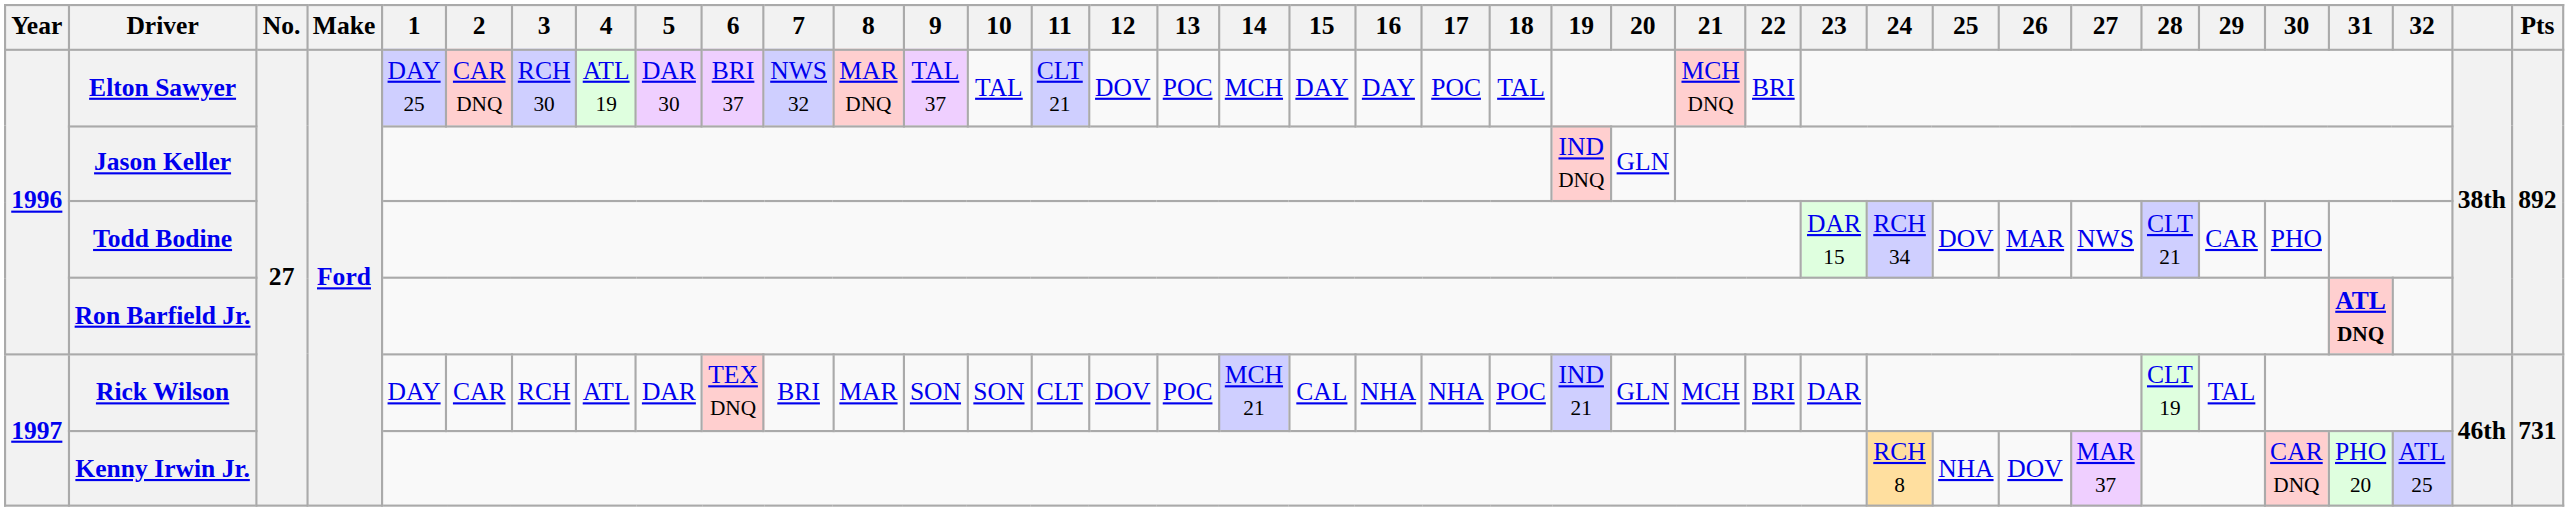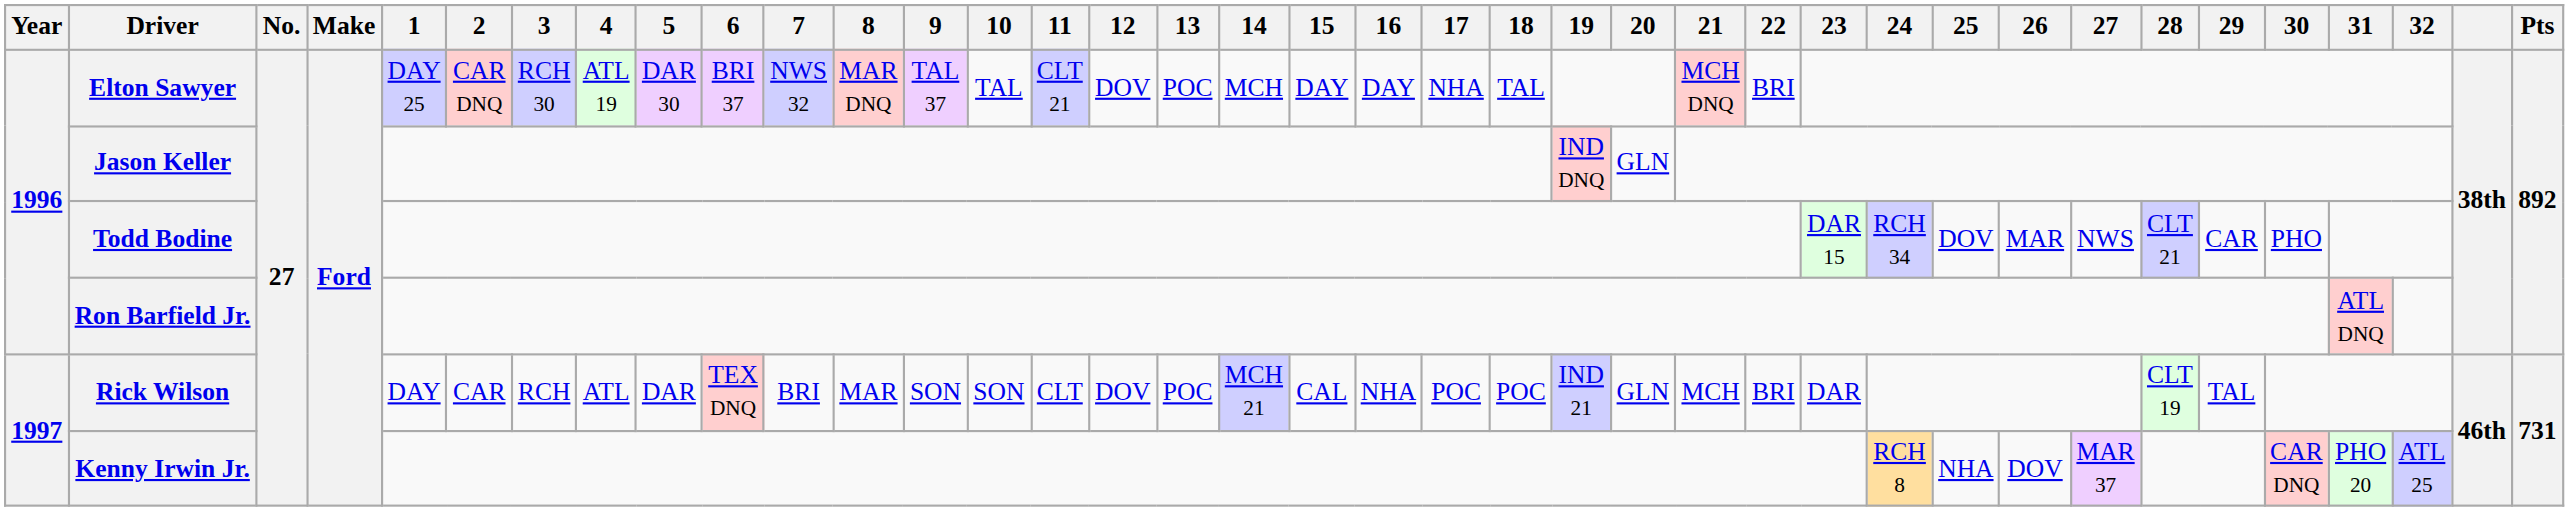 <table class="wikitable" style="text-align:center; font-size:75%">
 <tr>
 <th>Year</th>
 <th>Driver</th>
 <th>No.</th>
 <th>Make</th>
 <th>1</th>
 <th>2</th>
 <th>3</th>
 <th>4</th>
 <th>5</th>
 <th>6</th>
 <th>7</th>
 <th>8</th>
 <th>9</th>
 <th>10</th>
 <th>11</th>
 <th>12</th>
 <th>13</th>
 <th>14</th>
 <th>15</th>
 <th>16</th>
 <th>17</th>
 <th>18</th>
 <th>19</th>
 <th>20</th>
 <th>21</th>
 <th>22</th>
 <th>23</th>
 <th>24</th>
 <th>25</th>
 <th>26</th>
 <th>27</th>
 <th>28</th>
 <th>29</th>
 <th>30</th>
 <th>31</th>
 <th>32</th>
 <th></th>
 <th>Pts</th>
 </tr>
 <tr>
 <th rowspan=4><a href='#'>1996</a></th>
 <th><a href='#'>Elton Sawyer</a></th>
 <th rowspan=6>27</th>
 <th rowspan=6><a href='#'>Ford</a></th>
 <td style="background:#CFCFFF;"><a href='#'>DAY</a><br><small>25</small></td>
 <td style="background:#FFCFCF;"><a href='#'>CAR</a><br><small>DNQ</small></td>
 <td style="background:#CFCFFF;"><a href='#'>RCH</a><br><small>30</small></td>
 <td style="background:#DFFFDF;"><a href='#'>ATL</a><br><small>19</small></td>
 <td style="background:#EFCFFF;"><a href='#'>DAR</a><br><small>30</small></td>
 <td style="background:#EFCFFF;"><a href='#'>BRI</a><br><small>37</small></td>
 <td style="background:#CFCFFF;"><a href='#'>NWS</a><br><small>32</small></td>
 <td style="background:#FFCFCF;"><a href='#'>MAR</a><br><small>DNQ</small></td>
 <td style="background:#EFCFFF;"><a href='#'>TAL</a><br><small>37</small></td>
 <td><a href='#'>TAL</a></td>
 <td style="background:#CFCFFF;"><a href='#'>CLT</a><br><small>21</small></td>
 <td><a href='#'>DOV</a></td>
 <td><a href='#'>POC</a></td>
 <td><a href='#'>MCH</a></td>
 <td><a href='#'>DAY</a></td>
 <td><a href='#'>DAY</a></td>
-<td><a href='#'>POC</a></td>
+<td><a href='#'>NHA</a></td>
 <td><a href='#'>TAL</a></td>
 <td colspan=2></td>
 <td style="background:#FFCFCF;"><a href='#'>MCH</a><br><small>DNQ</small></td>
 <td><a href='#'>BRI</a></td>
 <td colspan=10></td>
 <th rowspan=4>38th</th>
 <th rowspan=4>892</th>
 </tr>
 <tr>
 <th><a href='#'>Jason Keller</a></th>
 <td colspan=18></td>
 <td style="background:#FFCFCF;"><a href='#'>IND</a><br><small>DNQ</small></td>
 <td><a href='#'>GLN</a></td>
 <td colspan=12></td>
 </tr>
 <tr>
 <th><a href='#'>Todd Bodine</a></th>
 <td colspan=22></td>
 <td style="background:#DFFFDF;"><a href='#'>DAR</a><br><small>15</small></td>
 <td style="background:#CFCFFF;"><a href='#'>RCH</a><br><small>34</small></td>
 <td><a href='#'>DOV</a></td>
 <td><a href='#'>MAR</a></td>
 <td><a href='#'>NWS</a></td>
 <td style="background:#CFCFFF;"><a href='#'>CLT</a><br><small>21</small></td>
 <td><a href='#'>CAR</a></td>
 <td><a href='#'>PHO</a></td>
 <td colspan=2></td>
 </tr>
 <tr>
 <th><a href='#'>Ron Barfield Jr.</a></th>
 <td colspan=30></td>
-<td style="background:#FFCFCF;"><strong><a href='#'>ATL</a><br><small>DNQ</small></strong></td>
+<td style="background:#FFCFCF;"><a href='#'>ATL</a><br><small>DNQ</small></td>
 <td colspan=1></td>
 </tr>
 <tr>
 <th rowspan=2><a href='#'>1997</a></th>
 <th><a href='#'>Rick Wilson</a></th>
 <td><a href='#'>DAY</a></td>
 <td><a href='#'>CAR</a></td>
 <td><a href='#'>RCH</a></td>
 <td><a href='#'>ATL</a></td>
 <td><a href='#'>DAR</a></td>
 <td style="background:#FFCFCF;"><a href='#'>TEX</a><br><small>DNQ</small></td>
 <td><a href='#'>BRI</a></td>
 <td><a href='#'>MAR</a></td>
 <td><a href='#'>SON</a></td>
 <td><a href='#'>SON</a></td>
 <td><a href='#'>CLT</a></td>
 <td><a href='#'>DOV</a></td>
 <td><a href='#'>POC</a></td>
 <td style="background:#CFCFFF;"><a href='#'>MCH</a><br><small>21</small></td>
 <td><a href='#'>CAL</a></td>
 <td><a href='#'>NHA</a></td>
-<td><a href='#'>NHA</a></td>
+<td><a href='#'>POC</a></td>
 <td><a href='#'>POC</a></td>
 <td style="background:#CFCFFF;"><a href='#'>IND</a><br><small>21</small></td>
 <td><a href='#'>GLN</a></td>
 <td><a href='#'>MCH</a></td>
 <td><a href='#'>BRI</a></td>
 <td><a href='#'>DAR</a></td>
 <td colspan=4></td>
 <td style="background:#DFFFDF;"><a href='#'>CLT</a><br><small>19</small></td>
 <td><a href='#'>TAL</a></td>
 <td colspan=3></td>
 <th rowspan=2>46th</th>
 <th rowspan=2>731</th>
 </tr>
 <tr>
 <th><a href='#'>Kenny Irwin Jr.</a></th>
 <td colspan=23></td>
 <td style="background:#FFDF9F;"><a href='#'>RCH</a><br><small>8</small></td>
 <td><a href='#'>NHA</a></td>
 <td><a href='#'>DOV</a></td>
 <td style="background:#EFCFFF;"><a href='#'>MAR</a><br><small>37</small></td>
 <td colspan=2></td>
 <td style="background:#FFCFCF;"><a href='#'>CAR</a><br><small>DNQ</small></td>
 <td style="background:#DFFFDF;"><a href='#'>PHO</a><br><small>20</small></td>
 <td style="background:#CFCFFF;"><a href='#'>ATL</a><br><small>25</small></td>
 </tr>
 </table>
